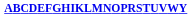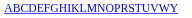 <table id="toc" class="toc" summary="Class">
 <tr>
 <th></th>
 </tr>
 <tr>
-<td style="text-align:center;"><strong><a href='#'>A</a><a href='#'>B</a><a href='#'>C</a><a href='#'>D</a><a href='#'>E</a><a href='#'>F</a><a href='#'>G</a><a href='#'>H</a><a href='#'>I</a><a href='#'>K</a><a href='#'>L</a><a href='#'>M</a><a href='#'>N</a><a href='#'>O</a><a href='#'>P</a><a href='#'>R</a><a href='#'>S</a><a href='#'>T</a><a href='#'>U</a><a href='#'>V</a><a href='#'>W</a><a href='#'>Y</a></strong></td>
+<td style="text-align:center;"><a href='#'>A</a><a href='#'>B</a><a href='#'>C</a><a href='#'>D</a><a href='#'>E</a><a href='#'>F</a><a href='#'>G</a><a href='#'>H</a><a href='#'>I</a><a href='#'>K</a><a href='#'>L</a><a href='#'>M</a><a href='#'>N</a><a href='#'>O</a><a href='#'>P</a><a href='#'>R</a><a href='#'>S</a><a href='#'>T</a><a href='#'>U</a><a href='#'>V</a><a href='#'>W</a><a href='#'>Y</a></td>
 </tr>
 </table>
